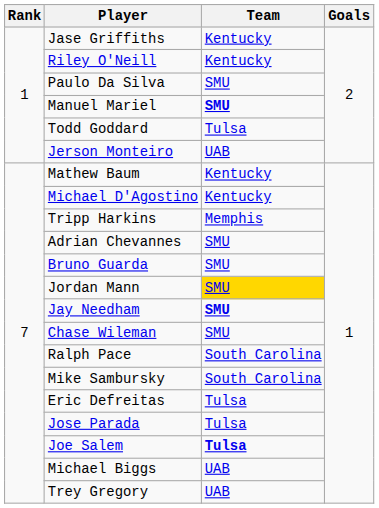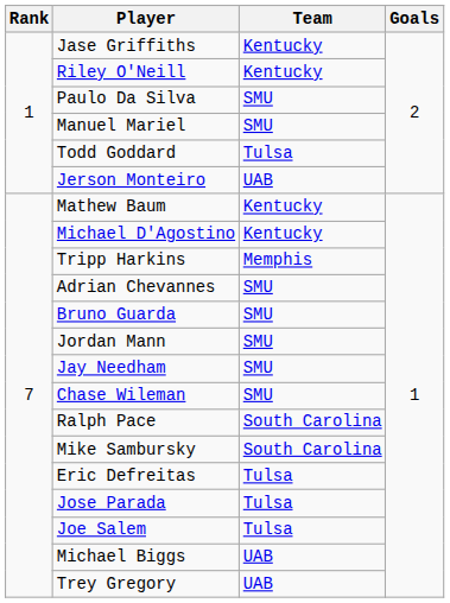 <table class="wikitable" style="text-align:center">
 <tr>
 <th>Rank</th>
 <th>Player</th>
 <th>Team</th>
 <th>Goals</th>
 </tr>
 <tr>
 <td rowspan=6>1</td>
 <td align=left>Jase Griffiths</td>
 <td align=left><a href='#'>Kentucky</a></td>
 <td rowspan=6>2</td>
 </tr>
 <tr>
 <td align=left><a href='#'>Riley O'Neill</a></td>
 <td align=left><a href='#'>Kentucky</a></td>
 </tr>
 <tr>
 <td align=left>Paulo Da Silva</td>
 <td align=left><a href='#'>SMU</a></td>
 </tr>
 <tr>
 <td align=left>Manuel Mariel</td>
-<td align=left><strong><a href='#'>SMU</a></strong></td>
+<td align=left><a href='#'>SMU</a></td>
 </tr>
 <tr>
 <td align=left>Todd Goddard</td>
 <td align=left><a href='#'>Tulsa</a></td>
 </tr>
 <tr>
 <td align=left><a href='#'>Jerson Monteiro</a></td>
 <td align=left><a href='#'>UAB</a></td>
 </tr>
 <tr>
 <td rowspan=15>7</td>
 <td align=left>Mathew Baum</td>
 <td align=left><a href='#'>Kentucky</a></td>
 <td rowspan=15>1</td>
 </tr>
 <tr>
 <td align=left><a href='#'>Michael D'Agostino</a></td>
 <td align=left><a href='#'>Kentucky</a></td>
 </tr>
 <tr>
 <td align=left>Tripp Harkins</td>
 <td align=left><a href='#'>Memphis</a></td>
 </tr>
 <tr>
 <td align=left>Adrian Chevannes</td>
 <td align=left><a href='#'>SMU</a></td>
 </tr>
 <tr>
 <td align=left><a href='#'>Bruno Guarda</a></td>
 <td align=left><a href='#'>SMU</a></td>
 </tr>
 <tr>
 <td align=left>Jordan Mann</td>
-<td align=left style="background: gold;"><a href='#'>SMU</a></td>
+<td align=left><a href='#'>SMU</a></td>
 </tr>
 <tr>
 <td align=left><a href='#'>Jay Needham</a></td>
-<td align=left><strong><a href='#'>SMU</a></strong></td>
+<td align=left><a href='#'>SMU</a></td>
 </tr>
 <tr>
 <td align=left><a href='#'>Chase Wileman</a></td>
 <td align=left><a href='#'>SMU</a></td>
 </tr>
 <tr>
 <td align=left>Ralph Pace</td>
 <td align=left><a href='#'>South Carolina</a></td>
 </tr>
 <tr>
 <td align=left>Mike Sambursky</td>
 <td align=left><a href='#'>South Carolina</a></td>
 </tr>
 <tr>
 <td align=left>Eric Defreitas</td>
 <td align=left><a href='#'>Tulsa</a></td>
 </tr>
 <tr>
 <td align=left><a href='#'>Jose Parada</a></td>
 <td align=left><a href='#'>Tulsa</a></td>
 </tr>
 <tr>
 <td align=left><a href='#'>Joe Salem</a></td>
-<td align=left><strong><a href='#'>Tulsa</a></strong></td>
+<td align=left><a href='#'>Tulsa</a></td>
 </tr>
 <tr>
 <td align=left>Michael Biggs</td>
 <td align=left><a href='#'>UAB</a></td>
 </tr>
 <tr>
 <td align=left>Trey Gregory</td>
 <td align=left><a href='#'>UAB</a></td>
 </tr>
 </table>
